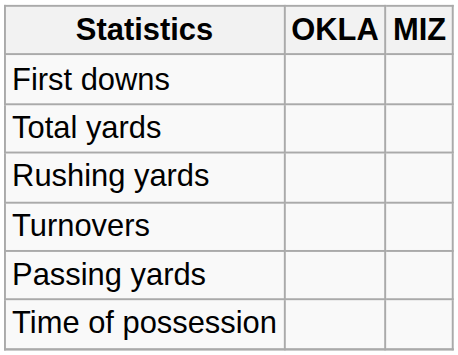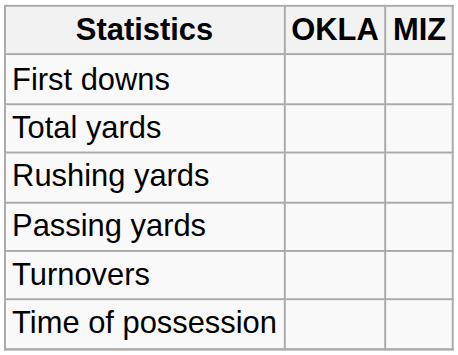 <table class="wikitable" style="float: left;">
 <tr>
 <th>Statistics</th>
 <th>OKLA</th>
 <th>MIZ</th>
 </tr>
 <tr>
 <td>First downs</td>
 <td></td>
 <td></td>
 </tr>
 <tr>
 <td>Total yards</td>
 <td></td>
 <td></td>
 </tr>
 <tr>
 <td>Rushing yards</td>
 <td></td>
 <td></td>
 </tr>
 <tr>
-<td>Turnovers</td>
+<td>Passing yards</td>
 <td></td>
 <td></td>
 </tr>
 <tr>
-<td>Passing yards</td>
+<td>Turnovers</td>
 <td></td>
 <td></td>
 </tr>
 <tr>
 <td>Time of possession</td>
 <td></td>
 <td></td>
 </tr>
 <tr>
 </tr>
 </table>
